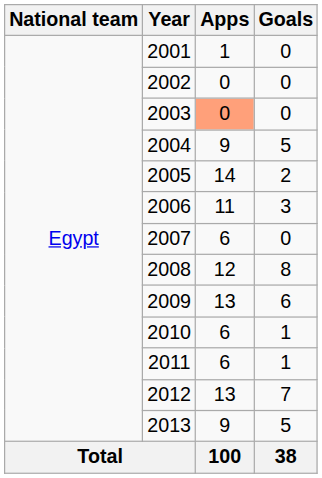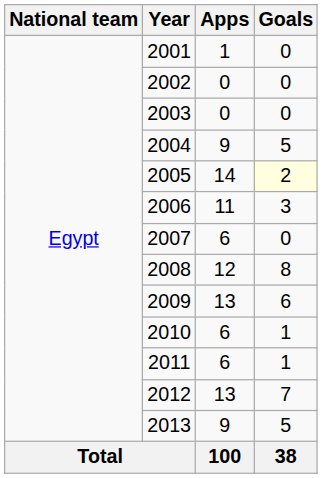 <table class="wikitable" style="text-align:center">
 <tr>
 <th>National team</th>
 <th>Year</th>
 <th>Apps</th>
 <th>Goals</th>
 </tr>
 <tr>
 <td rowspan="13"><a href='#'>Egypt</a></td>
 <td>2001</td>
 <td>1</td>
 <td>0</td>
 </tr>
 <tr>
 <td>2002</td>
 <td>0</td>
 <td>0</td>
 </tr>
 <tr>
 <td>2003</td>
-<td style="background: lightsalmon;">0</td>
+<td>0</td>
 <td>0</td>
 </tr>
 <tr>
 <td>2004</td>
 <td>9</td>
 <td>5</td>
 </tr>
 <tr>
 <td>2005</td>
 <td>14</td>
-<td>2</td>
+<td style="background: lightyellow;">2</td>
 </tr>
 <tr>
 <td>2006</td>
 <td>11</td>
 <td>3</td>
 </tr>
 <tr>
 <td>2007</td>
 <td>6</td>
 <td>0</td>
 </tr>
 <tr>
 <td>2008</td>
 <td>12</td>
 <td>8</td>
 </tr>
 <tr>
 <td>2009</td>
 <td>13</td>
 <td>6</td>
 </tr>
 <tr>
 <td>2010</td>
 <td>6</td>
 <td>1</td>
 </tr>
 <tr>
 <td>2011</td>
 <td>6</td>
 <td>1</td>
 </tr>
 <tr>
 <td>2012</td>
 <td>13</td>
 <td>7</td>
 </tr>
 <tr>
 <td>2013</td>
 <td>9</td>
 <td>5</td>
 </tr>
 <tr>
 <th colspan="2">Total</th>
 <th>100</th>
 <th>38</th>
 </tr>
 </table>
